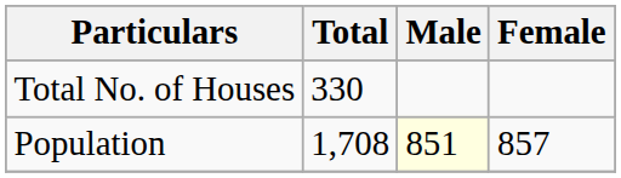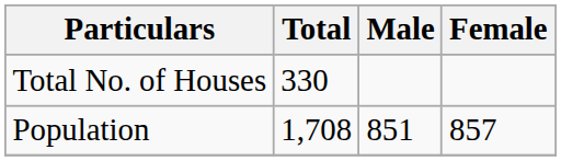 <table class="wikitable sortable">
 <tr>
 <th>Particulars</th>
 <th>Total</th>
 <th>Male</th>
 <th>Female</th>
 </tr>
 <tr>
 <td>Total No. of Houses</td>
 <td>330</td>
 <td></td>
 <td></td>
 </tr>
 <tr>
 <td>Population</td>
 <td>1,708</td>
-<td style="background: lightyellow;">851</td>
+<td>851</td>
 <td>857</td>
 </tr>
 <tr>
 </tr>
 </table>
